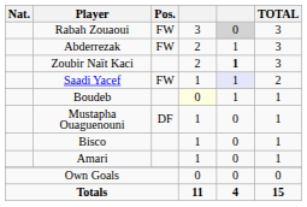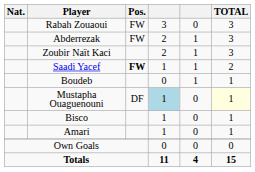 <table class="wikitable sortable alternance"  style="font-size:95%; text-align:center; line-height:14px; width:60%;">
 <tr>
 <th width=10>Nat.</th>
 <th width=140>Player</th>
 <th width=10>Pos.</th>
 <th width=40></th>
 <th width=40></th>
 <th width=10>TOTAL</th>
 </tr>
 <tr>
 <td></td>
 <td>Rabah Zouaoui</td>
 <td>FW</td>
 <td>3</td>
-<td style="background: lightgrey;">0</td>
+<td>0</td>
 <td>3</td>
 </tr>
 <tr>
 <td></td>
 <td>Abderrezak</td>
 <td>FW</td>
 <td>2</td>
 <td>1</td>
 <td>3</td>
 </tr>
 <tr>
 <td></td>
 <td>Zoubir Naït Kaci</td>
 <td></td>
 <td>2</td>
-<td><strong>1</strong></td>
+<td>1</td>
 <td>3</td>
 </tr>
 <tr>
 <td></td>
 <td><a href='#'>Saadi Yacef</a></td>
-<td>FW</td>
+<td><strong>FW</strong></td>
 <td>1</td>
-<td style="background: lavender;">1</td>
+<td>1</td>
 <td>2</td>
 </tr>
 <tr>
 <td></td>
 <td>Boudeb</td>
 <td></td>
-<td style="background: lightyellow;">0</td>
+<td>0</td>
 <td>1</td>
 <td>1</td>
 </tr>
 <tr>
 <td></td>
 <td>Mustapha Ouaguenouni</td>
 <td>DF</td>
-<td>1</td>
+<td style="background: lightblue;">1</td>
 <td>0</td>
-<td>1</td>
+<td style="background: lightyellow;">1</td>
 </tr>
 <tr>
 <td></td>
 <td>Bisco</td>
 <td></td>
 <td>1</td>
 <td>0</td>
 <td>1</td>
 </tr>
 <tr>
 <td></td>
 <td>Amari</td>
 <td></td>
 <td>1</td>
 <td>0</td>
 <td>1</td>
 </tr>
 <tr>
 </tr>
 <tr class="sortbottom">
 <td colspan="3">Own Goals</td>
 <td>0</td>
 <td>0</td>
 <td>0</td>
 </tr>
 <tr class="sortbottom">
 <td colspan="3"><strong>Totals</strong></td>
 <td><strong>11</strong></td>
 <td><strong>4</strong></td>
 <td><strong>15</strong></td>
 </tr>
 </table>
